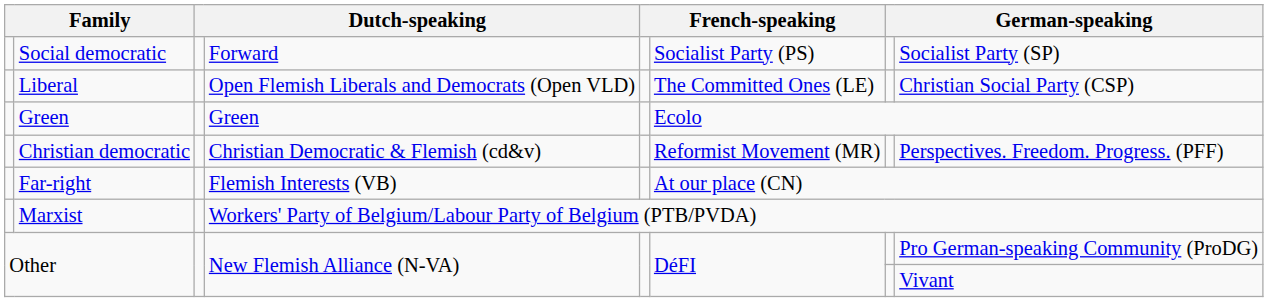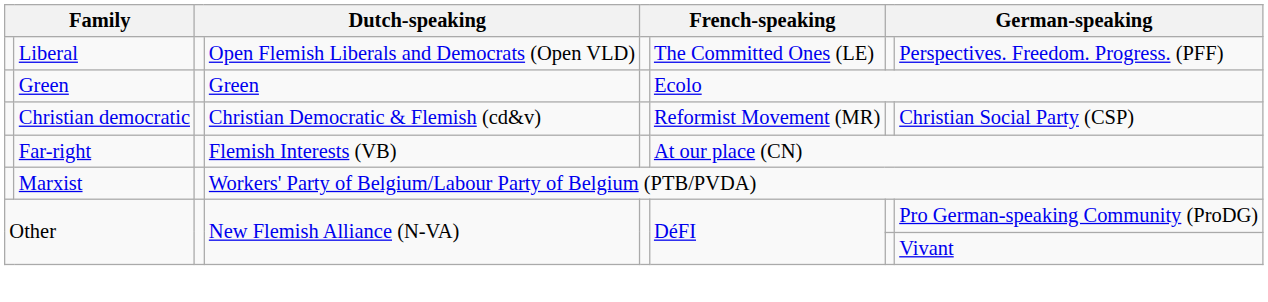 <table class="wikitable" style="text-align:left;">
 <tr>
 <th colspan="2">Family</th>
 <th colspan="2">Dutch-speaking</th>
 <th colspan="2">French-speaking</th>
 <th colspan="2">German-speaking</th>
 </tr>
 <tr>
 <td style="background-color: "></td>
-<td><a href='#'>Social democratic</a></td>
-<td style="background-color: "></td>
-<td><a href='#'>Forward</a></td>
-<td style="background-color: "></td>
-<td><a href='#'>Socialist Party</a> (PS)</td>
-<td style="background-color: "></td>
-<td><a href='#'>Socialist Party</a> (SP)</td>
-</tr>
-<tr>
-<td style="background-color: "></td>
 <td><a href='#'>Liberal</a></td>
 <td style="background-color: "></td>
 <td><a href='#'>Open Flemish Liberals and Democrats</a> (Open VLD)</td>
 <td style="background-color: "></td>
 <td><a href='#'>The Committed Ones</a> (LE)</td>
 <td style="background-color: "></td>
-<td><a href='#'>Christian Social Party</a> (CSP)</td>
+<td><a href='#'>Perspectives. Freedom. Progress.</a> (PFF)</td>
 </tr>
 <tr>
 <td style="background-color: "></td>
 <td><a href='#'>Green</a></td>
 <td style="background-color: "></td>
 <td><a href='#'>Green</a></td>
 <td style="background-color: "></td>
 <td colspan="3"><a href='#'>Ecolo</a></td>
 </tr>
 <tr>
 <td style="background-color: "></td>
 <td><a href='#'>Christian democratic</a></td>
 <td style="background-color: "></td>
 <td><a href='#'>Christian Democratic & Flemish</a> (cd&v)</td>
 <td style="background-color: "></td>
 <td><a href='#'>Reformist Movement</a> (MR)</td>
 <td style="background-color: "></td>
-<td><a href='#'>Perspectives. Freedom. Progress.</a> (PFF)</td>
+<td><a href='#'>Christian Social Party</a> (CSP)</td>
 </tr>
 <tr>
 <td style="background-color: "></td>
 <td><a href='#'>Far-right</a></td>
 <td style="background-color: "></td>
 <td><a href='#'>Flemish Interests</a> (VB)</td>
 <td style="background-color: "></td>
 <td colspan="3"><a href='#'>At our place</a> (CN)</td>
 </tr>
 <tr>
 <td style="background-color: "></td>
 <td><a href='#'>Marxist</a></td>
 <td style="background-color: "></td>
 <td colspan="5"><a href='#'>Workers' Party of Belgium/Labour Party of Belgium</a> (PTB/PVDA)</td>
 </tr>
 <tr>
 <td rowspan=2 colspan=2>Other</td>
 <td rowspan=2 style="background-color: "></td>
 <td rowspan=2><a href='#'>New Flemish Alliance</a> (N-VA)</td>
 <td rowspan=2 style="background-color: "></td>
 <td rowspan=2><a href='#'>DéFI</a></td>
 <td style="background-color: "></td>
 <td><a href='#'>Pro German-speaking Community</a> (ProDG)</td>
 </tr>
 <tr>
 <td style="background-color: "></td>
 <td><a href='#'>Vivant</a></td>
 </tr>
 </table>
